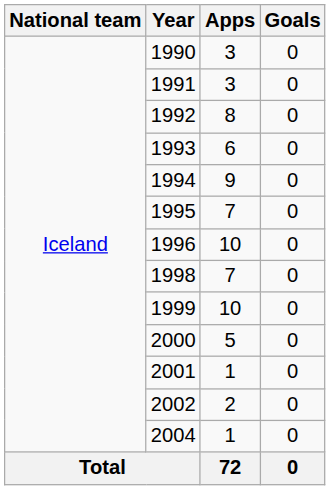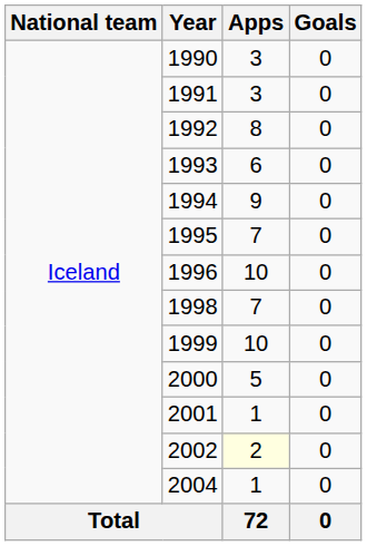 <table class=wikitable style="text-align: center">
 <tr>
 <th>National team</th>
 <th>Year</th>
 <th>Apps</th>
 <th>Goals</th>
 </tr>
 <tr>
 <td rowspan=13><a href='#'>Iceland</a></td>
 <td>1990</td>
 <td>3</td>
 <td>0</td>
 </tr>
 <tr>
 <td>1991</td>
 <td>3</td>
 <td>0</td>
 </tr>
 <tr>
 <td>1992</td>
 <td>8</td>
 <td>0</td>
 </tr>
 <tr>
 <td>1993</td>
 <td>6</td>
 <td>0</td>
 </tr>
 <tr>
 <td>1994</td>
 <td>9</td>
 <td>0</td>
 </tr>
 <tr>
 <td>1995</td>
 <td>7</td>
 <td>0</td>
 </tr>
 <tr>
 <td>1996</td>
 <td>10</td>
 <td>0</td>
 </tr>
 <tr>
 <td>1998</td>
 <td>7</td>
 <td>0</td>
 </tr>
 <tr>
 <td>1999</td>
 <td>10</td>
 <td>0</td>
 </tr>
 <tr>
 <td>2000</td>
 <td>5</td>
 <td>0</td>
 </tr>
 <tr>
 <td>2001</td>
 <td>1</td>
 <td>0</td>
 </tr>
 <tr>
 <td>2002</td>
-<td>2</td>
+<td style="background: lightyellow;">2</td>
 <td>0</td>
 </tr>
 <tr>
 <td>2004</td>
 <td>1</td>
 <td>0</td>
 </tr>
 <tr>
 <th colspan=2>Total</th>
 <th>72</th>
 <th>0</th>
 </tr>
 </table>
